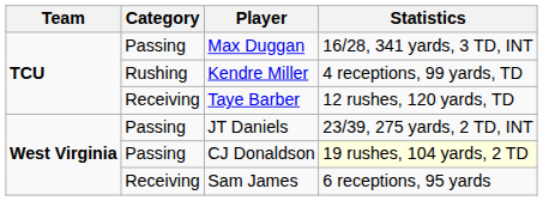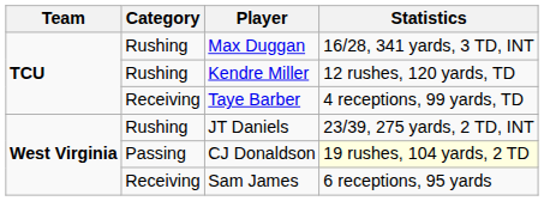 <table class="wikitable" style="float: right;">
 <tr>
 <th>Team</th>
 <th>Category</th>
 <th>Player</th>
 <th>Statistics</th>
 </tr>
 <tr>
 <td rowspan=3><strong>TCU</strong></td>
-<td>Passing</td>
+<td>Rushing</td>
 <td><a href='#'>Max Duggan</a></td>
 <td>16/28, 341 yards, 3 TD, INT</td>
 </tr>
 <tr>
 <td>Rushing</td>
 <td><a href='#'>Kendre Miller</a></td>
-<td>4 receptions, 99 yards, TD</td>
+<td>12 rushes, 120 yards, TD</td>
 </tr>
 <tr>
 <td>Receiving</td>
 <td><a href='#'>Taye Barber</a></td>
-<td>12 rushes, 120 yards, TD</td>
+<td>4 receptions, 99 yards, TD</td>
 </tr>
 <tr>
 <td rowspan=3><strong>West Virginia</strong></td>
-<td>Passing</td>
+<td>Rushing</td>
 <td>JT Daniels</td>
 <td>23/39, 275 yards, 2 TD, INT</td>
 </tr>
 <tr>
 <td>Passing</td>
 <td>CJ Donaldson</td>
 <td style="background: lightyellow;">19 rushes, 104 yards, 2 TD</td>
 </tr>
 <tr>
 <td>Receiving</td>
 <td>Sam James</td>
 <td>6 receptions, 95 yards</td>
 </tr>
 </table>
